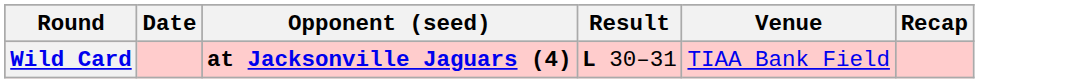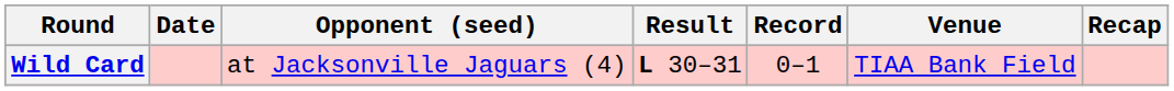 <table class="wikitable" style="text-align:center">
 <tr>
 <th>Round</th>
 <th>Date</th>
 <th>Opponent (seed)</th>
 <th>Result</th>
+<th>Record</th>
 <th>Venue</th>
 <th>Recap</th>
 </tr>
 <tr style="background:#fcc">
 <th><a href='#'>Wild Card</a></th>
 <td></td>
-<td><strong>at <a href='#'>Jacksonville Jaguars</a> (4)</strong></td>
+<td>at <a href='#'>Jacksonville Jaguars</a> (4)</td>
 <td><strong>L</strong> 30–31</td>
+<td>0–1</td>
 <td><a href='#'>TIAA Bank Field</a></td>
 <td></td>
 </tr>
 </table>
